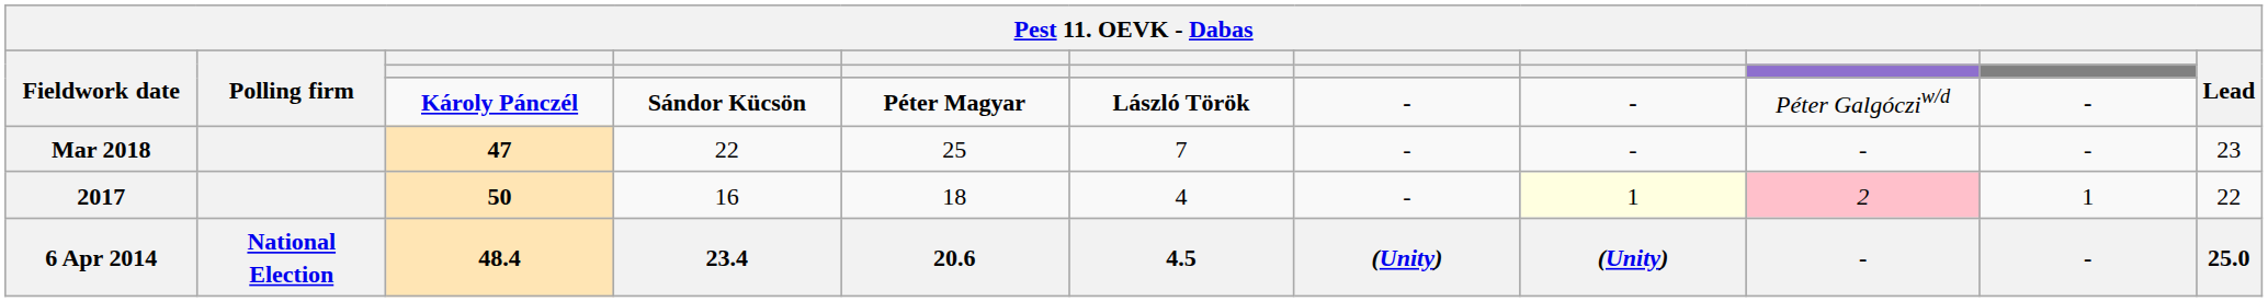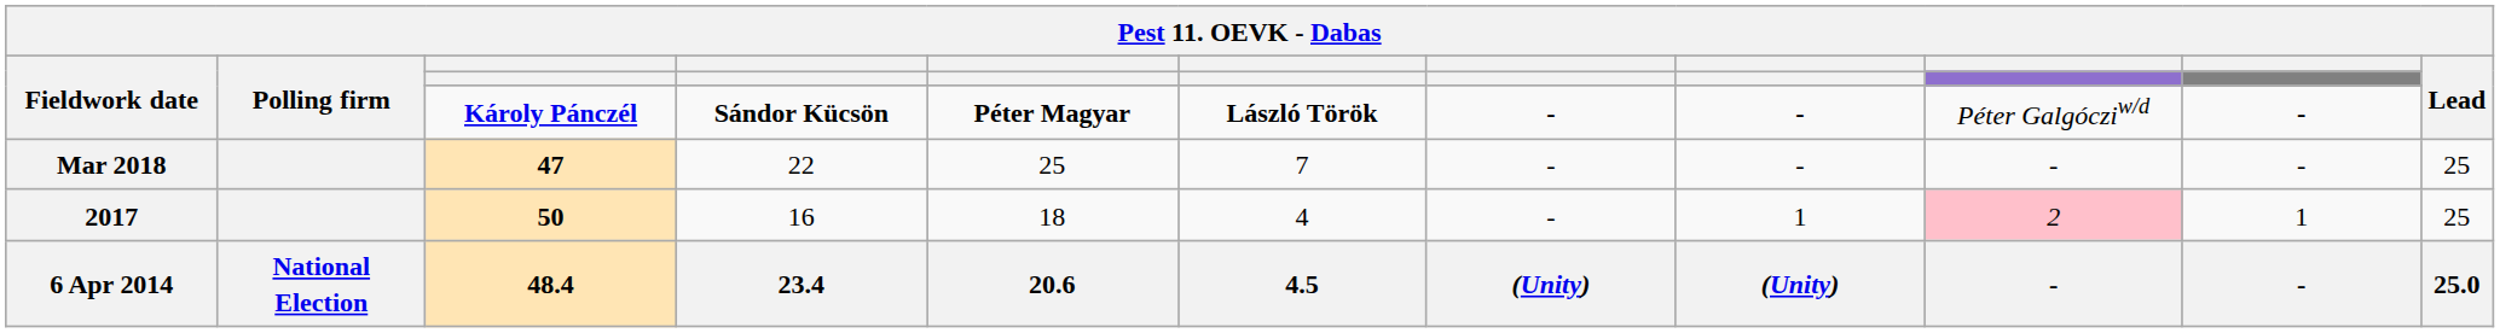 <table class="wikitable mw-collapsible mw-collapsed" style="text-align:center">
 <tr>
 <th colspan="11" style="width: 980pt;"><small><a href='#'>Pest</a> 11. OEVK - <a href='#'>Dabas</a></small></th>
 </tr>
 <tr>
 <th rowspan="3" style="width: 80pt;"><small>Fieldwork</small> <small>date</small></th>
 <th rowspan="3" style="width: 80pt;"><strong><small>Polling</small> <small>firm</small></strong></th>
 <th style="width: 100pt;"><small></small></th>
 <th style="width: 100pt;"><small> </small></th>
 <th style="width: 100pt;"></th>
 <th style="width: 100pt;"></th>
 <th style="width: 100pt;"></th>
 <th style="width: 100pt;"></th>
 <th style="width: 100pt;"></th>
 <th style="width: 100pt;"></th>
 <th rowspan="3" style="width: 20pt;"><small>Lead</small></th>
 </tr>
 <tr>
 <th style="color:inherit;background:"></th>
 <th style="color:inherit;background:"></th>
 <th style="color:inherit;background:"></th>
 <th style="color:inherit;background:"></th>
 <th style="color:inherit;background:"></th>
 <th style="color:inherit;background:"></th>
 <th style="color:inherit;background:#8E6FCE;"></th>
 <th style="color:inherit;background:#808080;"></th>
 </tr>
 <tr>
 <td><a href='#'><strong><small>Károly Pánczél</small></strong></a></td>
 <td><strong><small>Sándor Kücsön</small></strong></td>
 <td><strong><small>Péter Magyar</small></strong></td>
 <td><strong><small>László Török</small></strong></td>
 <td><strong><small>-</small></strong></td>
 <td><strong><small>-</small></strong></td>
 <td><small><em>Péter Galgóczi<sup>w/d</sup></em></small></td>
 <td><strong><small>-</small></strong></td>
 </tr>
 <tr>
 <th><small>Mar 2018</small></th>
 <th><small></small></th>
 <td style="background:#FFE5B4"><small><strong>47</strong></small></td>
 <td><small>22</small></td>
 <td><small>25</small></td>
 <td><small>7</small></td>
 <td><small>-</small></td>
 <td><small>-</small></td>
 <td><small><em>-</em></small></td>
 <td><small>-</small></td>
-<td style="background:"><small>23</small></td>
+<td style="background:"><small>25</small></td>
 </tr>
 <tr>
 <th><small>2017</small></th>
 <th><small></small></th>
 <td style="background:#FFE5B4"><small><strong>50</strong></small></td>
 <td><small>16</small></td>
 <td><small>18</small></td>
 <td><small>4</small></td>
 <td><small>-</small></td>
-<td style="background: lightyellow;"><small>1</small></td>
+<td><small>1</small></td>
 <td style="background: pink;"><small><em>2</em></small></td>
 <td><small>1</small></td>
-<td style="background:"><small>22</small></td>
+<td style="background:"><small>25</small></td>
 </tr>
 <tr>
 <th><small>6 Apr 2014</small></th>
 <th><a href='#'><small>National Election</small></a></th>
 <th style="background:#FFE5B4"><small><strong>48.4</strong></small></th>
 <th><small>23.4</small></th>
 <th><small>20.6</small></th>
 <th><small>4.5</small></th>
 <th><small><em>(<a href='#'>Unity</a>)</em></small></th>
 <th><small><em>(<a href='#'>Unity</a>)</em></small></th>
 <th><small>-</small></th>
 <th><small>-</small></th>
 <th style="background:"><small>25.0</small></th>
 </tr>
 </table>
